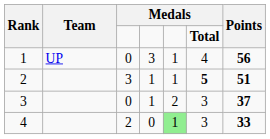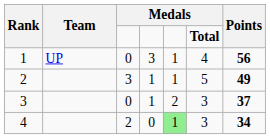 <table class="wikitable">
 <tr>
 <th rowspan=2>Rank</th>
 <th width=80px rowspan=2>Team</th>
 <th colspan=4>Medals</th>
 <th rowspan=2>Points</th>
 </tr>
 <tr>
 <td width=20px align=center></td>
 <td width=20px align=center></td>
 <td width=20px align=center></td>
 <td align=center><strong>Total</strong></td>
 </tr>
 <tr>
 <td align=center>1</td>
 <td> <a href='#'>UP</a></td>
 <td align=center>0</td>
 <td align=center>3</td>
 <td align=center>1</td>
 <td align=center>4</td>
 <td align=center><strong>56</strong></td>
 </tr>
 <tr>
 <td align=center>2</td>
 <td></td>
 <td align=center>3</td>
 <td align=center>1</td>
 <td align=center>1</td>
-<td align=center><strong>5</strong></td>
-<td align=center><strong>51</strong></td>
+<td align=center>5</td>
+<td align=center><strong>49</strong></td>
 </tr>
 <tr>
 <td align=center>3</td>
 <td></td>
 <td align=center>0</td>
 <td align=center>1</td>
 <td align=center>2</td>
 <td align=center>3</td>
 <td align=center><strong>37</strong></td>
 </tr>
 <tr>
 <td align=center>4</td>
 <td></td>
 <td align=center>2</td>
 <td align=center>0</td>
 <td align=center style="background: lightgreen;">1</td>
 <td align=center>3</td>
-<td align=center><strong>33</strong></td>
+<td align=center><strong>34</strong></td>
 </tr>
 </table>
